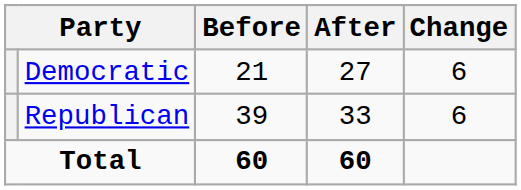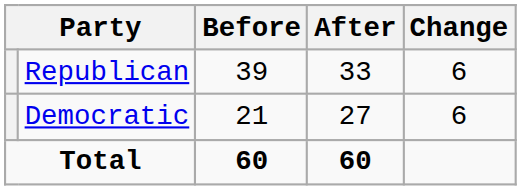 <table class="wikitable" style="text-align:center;">
 <tr>
 <th colspan="2">Party</th>
 <th>Before</th>
 <th>After</th>
 <th>Change</th>
 </tr>
 <tr>
 <th style="background-color:"></th>
-<td style="text-align:left;"><a href='#'>Democratic</a></td>
-<td>21</td>
-<td>27</td>
+<td style="text-align:left;"><a href='#'>Republican</a></td>
+<td>39</td>
+<td>33</td>
 <td> 6</td>
 </tr>
 <tr>
 <th style="background-color:"></th>
-<td style="text-align:left;"><a href='#'>Republican</a></td>
-<td>39</td>
-<td>33</td>
+<td style="text-align:left;"><a href='#'>Democratic</a></td>
+<td>21</td>
+<td>27</td>
 <td> 6</td>
 </tr>
 <tr>
 <td colspan="2"><strong>Total</strong></td>
 <td><strong>60</strong></td>
 <td><strong>60</strong></td>
 <td></td>
 </tr>
 </table>
